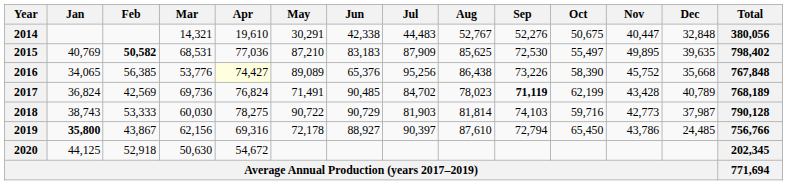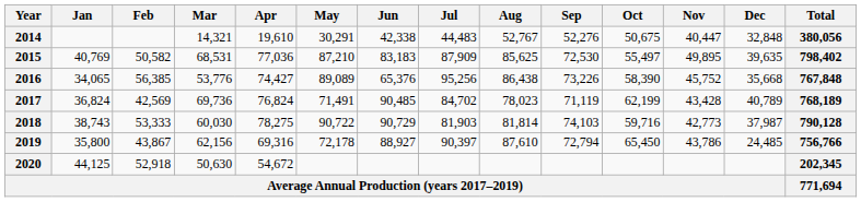 <table class=wikitable style="text-align:right; font-size:0.9em; width:950px;">
 <tr>
 <th>Year</th>
 <th>Jan</th>
 <th>Feb</th>
 <th>Mar</th>
 <th>Apr</th>
 <th>May</th>
 <th>Jun</th>
 <th>Jul</th>
 <th>Aug</th>
 <th>Sep</th>
 <th>Oct</th>
 <th>Nov</th>
 <th>Dec</th>
 <th>Total</th>
 </tr>
 <tr>
 <th>2014</th>
 <td></td>
 <td></td>
 <td>14,321</td>
 <td>19,610</td>
 <td>30,291</td>
 <td>42,338</td>
 <td>44,483</td>
 <td>52,767</td>
 <td>52,276</td>
 <td>50,675</td>
 <td>40,447</td>
 <td>32,848</td>
 <th>380,056</th>
 </tr>
 <tr>
 <th>2015</th>
 <td>40,769</td>
-<td><strong>50,582</strong></td>
+<td>50,582</td>
 <td>68,531</td>
 <td>77,036</td>
 <td>87,210</td>
 <td>83,183</td>
 <td>87,909</td>
 <td>85,625</td>
 <td>72,530</td>
 <td>55,497</td>
 <td>49,895</td>
 <td>39,635</td>
 <th>798,402</th>
 </tr>
 <tr>
 <th>2016</th>
 <td>34,065</td>
 <td>56,385</td>
 <td>53,776</td>
-<td style="background: lightyellow;">74,427</td>
+<td>74,427</td>
 <td>89,089</td>
 <td>65,376</td>
 <td>95,256</td>
 <td>86,438</td>
 <td>73,226</td>
 <td>58,390</td>
 <td>45,752</td>
 <td>35,668</td>
 <th>767,848</th>
 </tr>
 <tr>
 <th>2017</th>
 <td>36,824</td>
 <td>42,569</td>
 <td>69,736</td>
 <td>76,824</td>
 <td>71,491</td>
 <td>90,485</td>
 <td>84,702</td>
 <td>78,023</td>
-<td><strong>71,119</strong></td>
+<td>71,119</td>
 <td>62,199</td>
 <td>43,428</td>
 <td>40,789</td>
 <th>768,189</th>
 </tr>
 <tr>
 <th>2018</th>
 <td>38,743</td>
 <td>53,333</td>
 <td>60,030</td>
 <td>78,275</td>
 <td>90,722</td>
 <td>90,729</td>
 <td>81,903</td>
 <td>81,814</td>
 <td>74,103</td>
 <td>59,716</td>
 <td>42,773</td>
 <td>37,987</td>
 <th>790,128</th>
 </tr>
 <tr>
 <th>2019</th>
-<td><strong>35,800</strong></td>
+<td>35,800</td>
 <td>43,867</td>
 <td>62,156</td>
 <td>69,316</td>
 <td>72,178</td>
 <td>88,927</td>
 <td>90,397</td>
 <td>87,610</td>
 <td>72,794</td>
 <td>65,450</td>
 <td>43,786</td>
 <td>24,485</td>
 <th>756,766</th>
 </tr>
 <tr>
 <th>2020</th>
 <td>44,125</td>
 <td>52,918</td>
 <td>50,630</td>
 <td>54,672</td>
 <td></td>
 <td></td>
 <td></td>
 <td></td>
 <td></td>
 <td></td>
 <td></td>
 <td></td>
 <th>202,345</th>
 </tr>
 <tr>
 <th colspan=13>Average Annual Production (years 2017–2019)</th>
 <th>771,694</th>
 </tr>
 </table>
